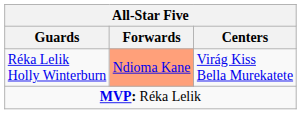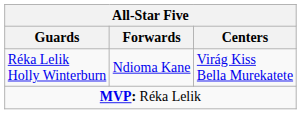 <table class=wikitable style="margin:auto">
 <tr>
 <th colspan=3 align=center>All-Star Five</th>
 </tr>
 <tr>
 <th>Guards</th>
 <th>Forwards</th>
 <th>Centers</th>
 </tr>
 <tr>
 <td> <a href='#'>Réka Lelik</a><br> <a href='#'>Holly Winterburn</a></td>
-<td style="background: lightsalmon;"> <a href='#'>Ndioma Kane</a></td>
+<td> <a href='#'>Ndioma Kane</a></td>
 <td> <a href='#'>Virág Kiss</a><br> <a href='#'>Bella Murekatete</a></td>
 </tr>
 <tr>
 <td colspan=3 align=center><strong><a href='#'>MVP</a>:</strong>  Réka Lelik</td>
 </tr>
 </table>
